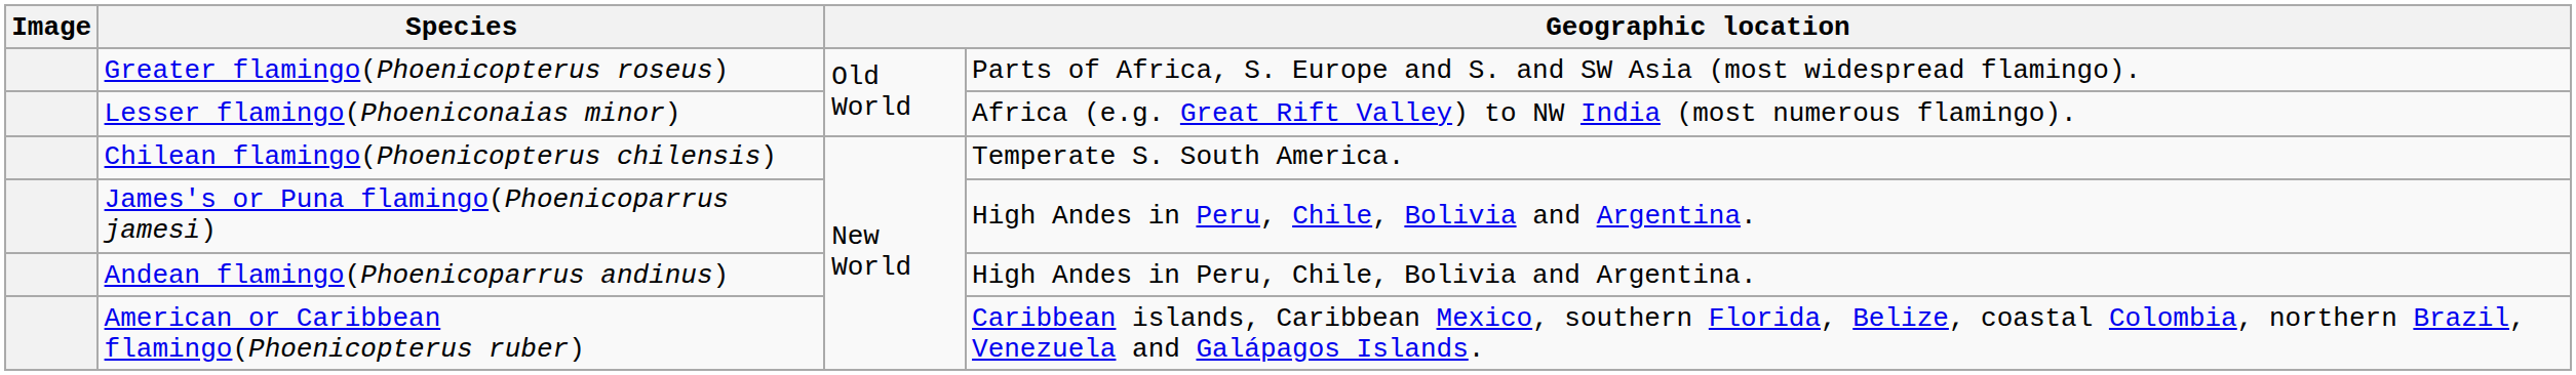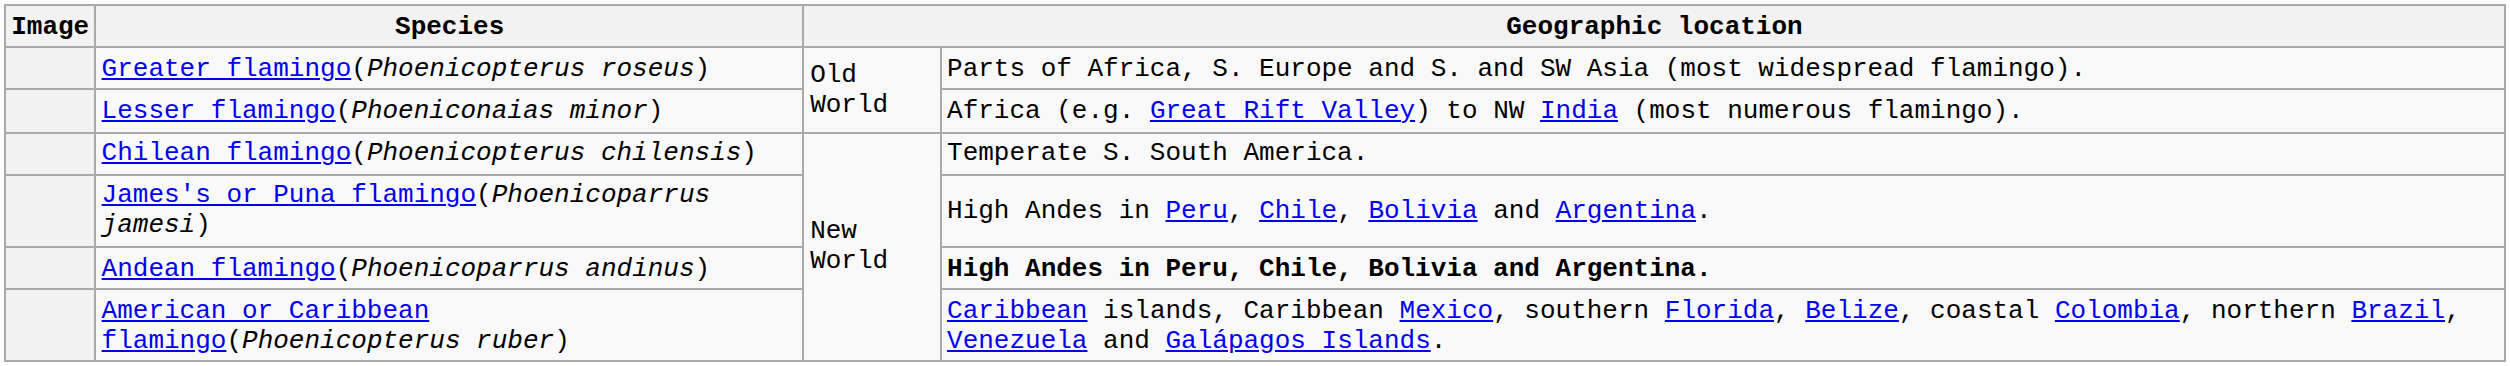 <table class="wikitable" style="text-align:left">
 <tr>
 <th>Image</th>
 <th>Species</th>
 <th colspan="2">Geographic location</th>
 </tr>
 <tr>
 <th></th>
 <td><a href='#'>Greater flamingo</a>(<em>Phoenicopterus roseus</em>)</td>
 <td rowspan="2">Old World</td>
 <td>Parts of Africa, S. Europe and S. and SW Asia (most widespread flamingo).</td>
 </tr>
 <tr>
 <th></th>
 <td><a href='#'>Lesser flamingo</a>(<em>Phoeniconaias minor</em>)</td>
 <td>Africa (e.g. <a href='#'>Great Rift Valley</a>) to NW <a href='#'>India</a> (most numerous flamingo).</td>
 </tr>
 <tr>
 <th></th>
 <td><a href='#'>Chilean flamingo</a>(<em>Phoenicopterus chilensis</em>)</td>
 <td rowspan="4">New World</td>
 <td>Temperate S. South America.</td>
 </tr>
 <tr>
 <th></th>
 <td><a href='#'>James's or Puna flamingo</a>(<em>Phoenicoparrus jamesi</em>)</td>
 <td>High Andes in <a href='#'>Peru</a>, <a href='#'>Chile</a>, <a href='#'>Bolivia</a> and <a href='#'>Argentina</a>.</td>
 </tr>
 <tr>
 <th></th>
 <td><a href='#'>Andean flamingo</a>(<em>Phoenicoparrus andinus</em>)</td>
-<td>High Andes in Peru, Chile, Bolivia and Argentina.</td>
+<td><strong>High Andes in Peru, Chile, Bolivia and Argentina.</strong></td>
 </tr>
 <tr>
 <th></th>
 <td><a href='#'>American or Caribbean flamingo</a>(<em>Phoenicopterus ruber</em>)</td>
 <td><a href='#'>Caribbean</a> islands, Caribbean <a href='#'>Mexico</a>, southern <a href='#'>Florida</a>, <a href='#'>Belize</a>, coastal <a href='#'>Colombia</a>, northern <a href='#'>Brazil</a>, <a href='#'>Venezuela</a> and <a href='#'>Galápagos Islands</a>.</td>
 </tr>
 </table>
